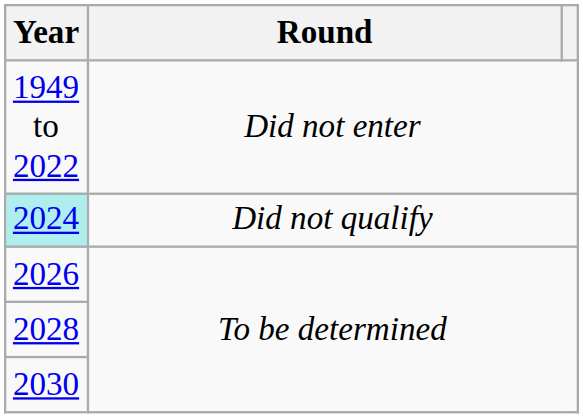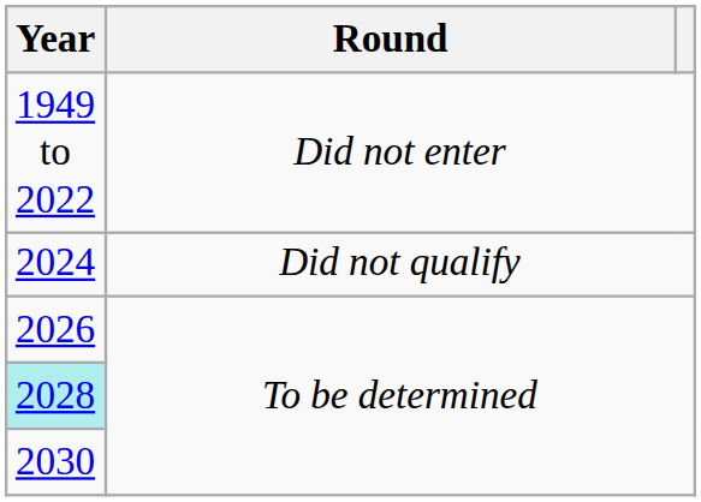 <table class="wikitable" style="text-align: center; font-size:90%">
 <tr>
 <th>Year</th>
 <th style="width:200px">Round</th>
 <th></th>
 </tr>
 <tr>
 <td><a href='#'>1949</a><br>to<br><a href='#'>2022</a></td>
 <td colspan="2"><em>Did not enter</em></td>
 </tr>
 <tr>
-<td style="background: paleturquoise;"><a href='#'>2024</a></td>
+<td><a href='#'>2024</a></td>
 <td colspan="2"><em>Did not qualify</em></td>
 </tr>
 <tr>
 <td><a href='#'>2026</a></td>
 <td colspan="2" rowspan="3"><em>To be determined</em></td>
 </tr>
 <tr>
-<td><a href='#'>2028</a></td>
+<td style="background: paleturquoise;"><a href='#'>2028</a></td>
 </tr>
 <tr>
 <td><a href='#'>2030</a></td>
 </tr>
 </table>
